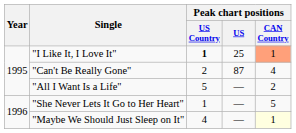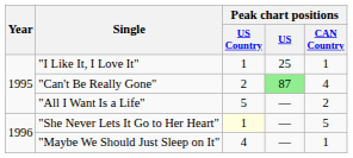 <table class="wikitable" style="text-align:center;">
 <tr>
 <th rowspan="2">Year</th>
 <th rowspan="2">Single</th>
 <th colspan="3">Peak chart positions</th>
 </tr>
 <tr style="font-size:smaller;">
 <th width="45"><a href='#'>US Country</a><br></th>
 <th width="45"><a href='#'>US</a></th>
 <th width="45"><a href='#'>CAN Country</a></th>
 </tr>
 <tr>
 <td rowspan="3">1995</td>
 <td align="left">"I Like It, I Love It"</td>
-<td><strong>1</strong></td>
+<td>1</td>
 <td>25</td>
-<td style="background: lightsalmon;">1</td>
+<td>1</td>
 </tr>
 <tr>
 <td align="left">"Can't Be Really  Gone"</td>
 <td>2</td>
-<td>87</td>
+<td style="background: lightgreen;">87</td>
 <td>4</td>
 </tr>
 <tr>
 <td align="left">"All I Want Is a Life"</td>
 <td>5</td>
 <td>—</td>
 <td>2</td>
 </tr>
 <tr>
 <td rowspan="2">1996</td>
 <td align="left">"She Never Lets It Go to Her Heart"</td>
-<td>1</td>
+<td style="background: lightyellow;">1</td>
 <td>—</td>
 <td>5</td>
 </tr>
 <tr>
 <td align="left">"Maybe We Should Just Sleep on It"</td>
 <td>4</td>
 <td>—</td>
-<td style="background: lightyellow;">1</td>
+<td>1</td>
 </tr>
 </table>
